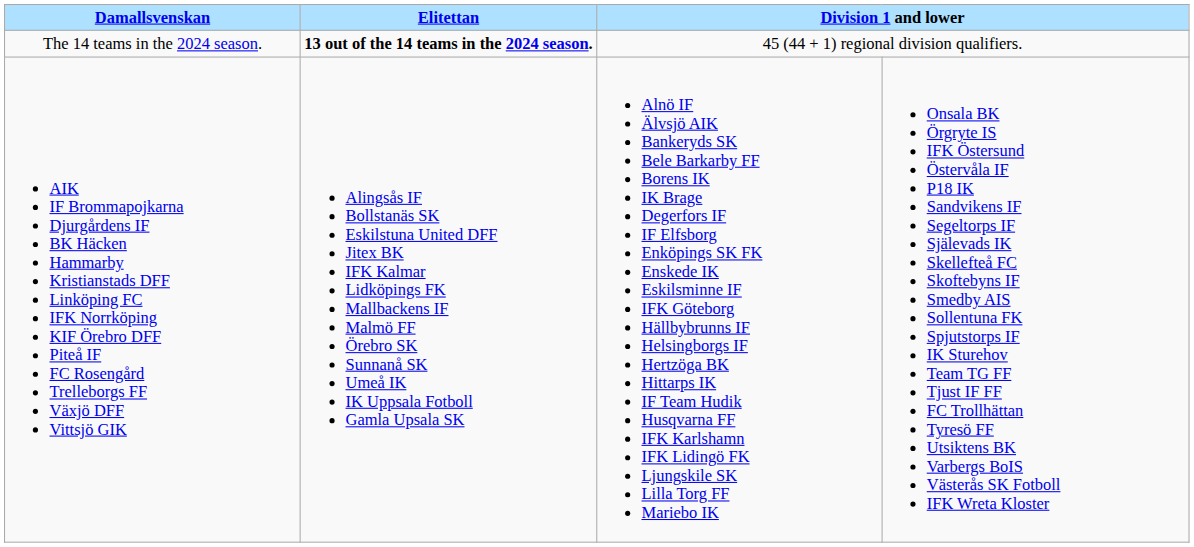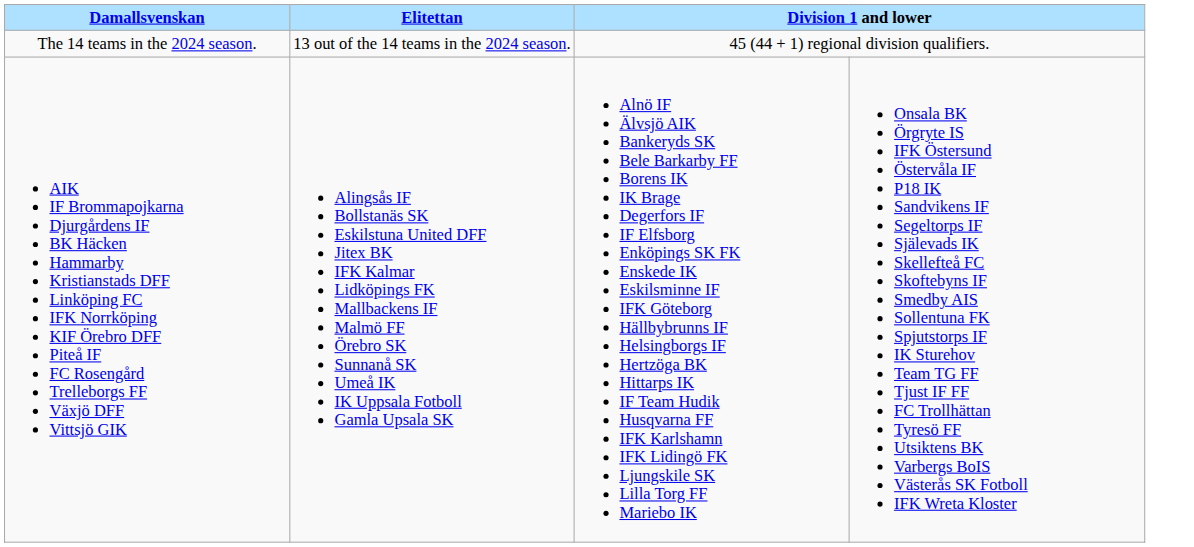 <table class="wikitable toptextcells">
 <tr style="background-color:#ADE1FF; text-align:center">
 <td><strong><a href='#'>Damallsvenskan</a></strong></td>
 <td><strong><a href='#'>Elitettan</a></strong></td>
 <td colspan=2><strong><a href='#'>Division 1</a> and lower</strong></td>
 </tr>
 <tr style="text-align:center">
 <td style="width:25%">The 14 teams in the <a href='#'>2024 season</a>.</td>
-<td style="width:25%"><strong>13 out of the 14 teams in the <a href='#'>2024 season</a>.</strong></td>
+<td style="width:25%">13 out of the 14 teams in the <a href='#'>2024 season</a>.</td>
 <td colspan=2 style="width:50%">45 (44 + 1) regional division qualifiers.</td>
 </tr>
 <tr>
 <td><br><ul><li><a href='#'>AIK</a></li><li><a href='#'>IF Brommapojkarna</a></li><li><a href='#'>Djurgårdens IF</a></li><li><a href='#'>BK Häcken</a></li><li><a href='#'>Hammarby</a></li><li><a href='#'>Kristianstads DFF</a></li><li><a href='#'>Linköping FC</a></li><li><a href='#'>IFK Norrköping</a></li><li><a href='#'>KIF Örebro DFF</a></li><li><a href='#'>Piteå IF</a></li><li><a href='#'>FC Rosengård</a></li><li><a href='#'>Trelleborgs FF</a></li><li><a href='#'>Växjö DFF</a></li><li><a href='#'>Vittsjö GIK</a></li></ul></td>
 <td><br><ul><li><a href='#'>Alingsås IF</a></li><li><a href='#'>Bollstanäs SK</a></li><li><a href='#'>Eskilstuna United DFF</a></li><li><a href='#'>Jitex BK</a></li><li><a href='#'>IFK Kalmar</a></li><li><a href='#'>Lidköpings FK</a></li><li><a href='#'>Mallbackens IF</a></li><li><a href='#'>Malmö FF</a></li><li><a href='#'>Örebro SK</a></li><li><a href='#'>Sunnanå SK</a></li><li><a href='#'>Umeå IK</a></li><li><a href='#'>IK Uppsala Fotboll</a></li><li><a href='#'>Gamla Upsala SK</a></li></ul></td>
 <td><br><ul><li><a href='#'>Alnö IF</a></li><li><a href='#'>Älvsjö AIK</a></li><li><a href='#'>Bankeryds SK</a></li><li><a href='#'>Bele Barkarby FF</a></li><li><a href='#'>Borens IK</a></li><li><a href='#'>IK Brage</a></li><li><a href='#'>Degerfors IF</a></li><li><a href='#'>IF Elfsborg</a></li><li><a href='#'>Enköpings SK FK</a></li><li><a href='#'>Enskede IK</a></li><li><a href='#'>Eskilsminne IF</a></li><li><a href='#'>IFK Göteborg</a></li><li><a href='#'>Hällbybrunns IF</a></li><li><a href='#'>Helsingborgs IF</a></li><li><a href='#'>Hertzöga BK</a></li><li><a href='#'>Hittarps IK</a></li><li><a href='#'>IF Team Hudik</a></li><li><a href='#'>Husqvarna FF</a></li><li><a href='#'>IFK Karlshamn</a></li><li><a href='#'>IFK Lidingö FK</a></li><li><a href='#'>Ljungskile SK</a></li><li><a href='#'>Lilla Torg FF</a></li><li><a href='#'>Mariebo IK</a></li></ul></td>
 <td><br><ul><li><a href='#'>Onsala BK</a></li><li><a href='#'>Örgryte IS</a></li><li><a href='#'>IFK Östersund</a></li><li><a href='#'>Östervåla IF</a></li><li><a href='#'>P18 IK</a></li><li><a href='#'>Sandvikens IF</a></li><li><a href='#'>Segeltorps IF</a></li><li><a href='#'>Själevads IK</a></li><li><a href='#'>Skellefteå FC</a></li><li><a href='#'>Skoftebyns IF</a></li><li><a href='#'>Smedby AIS</a></li><li><a href='#'>Sollentuna FK</a></li><li><a href='#'>Spjutstorps IF</a></li><li><a href='#'>IK Sturehov</a></li><li><a href='#'>Team TG FF</a></li><li><a href='#'>Tjust IF FF</a></li><li><a href='#'>FC Trollhättan</a></li><li><a href='#'>Tyresö FF</a></li><li><a href='#'>Utsiktens BK</a></li><li><a href='#'>Varbergs BoIS</a></li><li><a href='#'>Västerås SK Fotboll</a></li><li><a href='#'>IFK Wreta Kloster</a></li></ul></td>
 </tr>
 </table>
